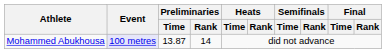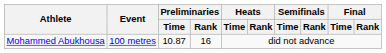 <table class=wikitable style="font-size:90%;">
 <tr>
 <th rowspan=2>Athlete</th>
 <th rowspan=2>Event</th>
 <th colspan=2>Preliminaries</th>
 <th colspan=2>Heats</th>
 <th colspan=2>Semifinals</th>
 <th colspan=2>Final</th>
 </tr>
 <tr>
 <th>Time</th>
 <th>Rank</th>
 <th>Time</th>
 <th>Rank</th>
 <th>Time</th>
 <th>Rank</th>
 <th>Time</th>
 <th>Rank</th>
 </tr>
 <tr>
 <td><a href='#'>Mohammed Abukhousa</a></td>
-<td style="background: lavender;"><a href='#'>100 metres</a></td>
-<td align="center">13.87</td>
-<td align="center">14</td>
+<td><a href='#'>100 metres</a></td>
+<td align="center">10.87</td>
+<td align="center">16</td>
 <td align="center" colspan=6>did not advance</td>
 </tr>
 </table>
